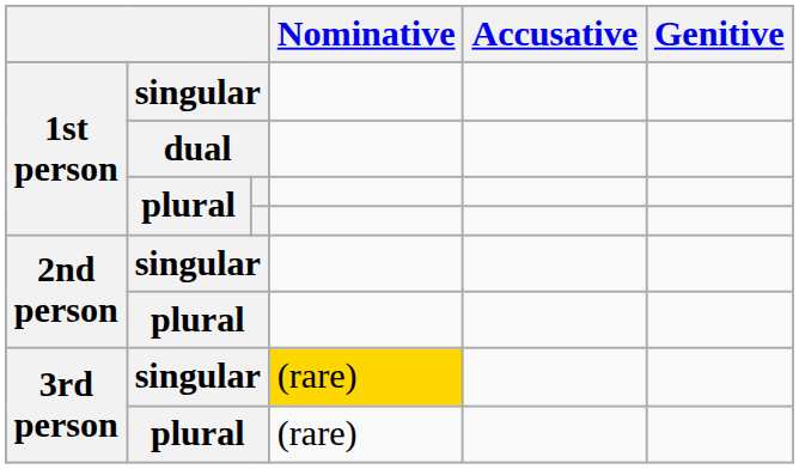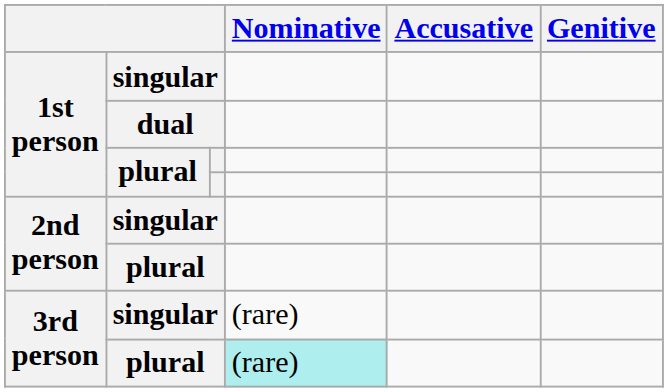 <table class="wikitable">
 <tr>
 <th colspan="3"></th>
 <th><a href='#'>Nominative</a></th>
 <th><a href='#'>Accusative</a></th>
 <th><a href='#'>Genitive</a></th>
 </tr>
 <tr>
 <th rowspan="4">1st<br> person</th>
 <th colspan="2">singular</th>
 <td></td>
 <td></td>
 <td></td>
 </tr>
 <tr>
 <th colspan="2">dual</th>
 <td></td>
 <td></td>
 <td></td>
 </tr>
 <tr>
 <th rowspan="2">plural</th>
 <th></th>
 <td></td>
 <td></td>
 <td></td>
 </tr>
 <tr>
 <th></th>
 <td></td>
 <td></td>
 <td></td>
 </tr>
 <tr>
 <th rowspan="2">2nd<br> person</th>
 <th colspan="2">singular</th>
 <td></td>
 <td></td>
 <td></td>
 </tr>
 <tr>
 <th colspan="2">plural</th>
 <td></td>
 <td></td>
 <td></td>
 </tr>
 <tr>
 <th rowspan="2">3rd<br> person</th>
 <th colspan="2">singular</th>
-<td style="background: gold;"> (rare)</td>
+<td> (rare)</td>
 <td></td>
 <td></td>
 </tr>
 <tr>
 <th colspan="2">plural</th>
-<td> (rare)</td>
+<td style="background: paleturquoise;"> (rare)</td>
 <td></td>
 <td></td>
 </tr>
 </table>
